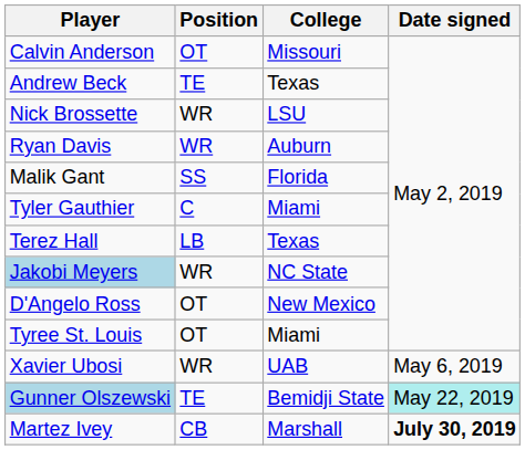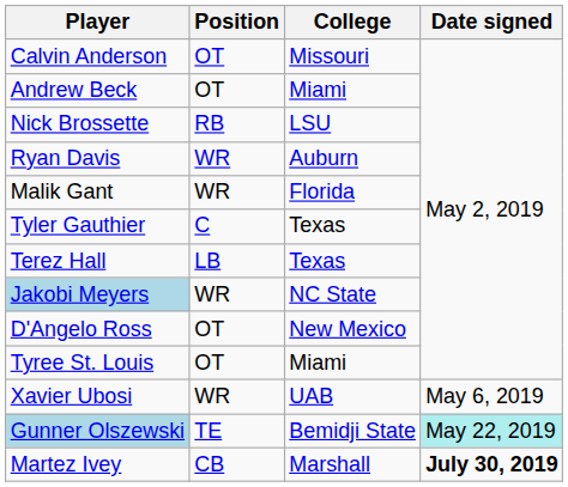 <table class="wikitable">
 <tr>
 <th>Player</th>
 <th>Position</th>
 <th>College</th>
 <th>Date signed</th>
 </tr>
 <tr>
 <td><a href='#'>Calvin Anderson</a></td>
 <td><a href='#'>OT</a></td>
 <td><a href='#'>Missouri</a></td>
 <td rowspan="10">May 2, 2019</td>
 </tr>
 <tr>
 <td><a href='#'>Andrew Beck</a></td>
-<td><a href='#'>TE</a></td>
-<td>Texas</td>
+<td>OT</td>
+<td><a href='#'>Miami</a></td>
 </tr>
 <tr>
 <td><a href='#'>Nick Brossette</a></td>
-<td>WR</td>
+<td><a href='#'>RB</a></td>
 <td><a href='#'>LSU</a></td>
 </tr>
 <tr>
 <td><a href='#'>Ryan Davis</a></td>
 <td><a href='#'>WR</a></td>
 <td><a href='#'>Auburn</a></td>
 </tr>
 <tr>
 <td>Malik Gant</td>
-<td><a href='#'>SS</a></td>
+<td>WR</td>
 <td><a href='#'>Florida</a></td>
 </tr>
 <tr>
 <td><a href='#'>Tyler Gauthier</a></td>
 <td><a href='#'>C</a></td>
-<td><a href='#'>Miami</a></td>
+<td>Texas</td>
 </tr>
 <tr>
 <td><a href='#'>Terez Hall</a></td>
 <td><a href='#'>LB</a></td>
 <td><a href='#'>Texas</a></td>
 </tr>
 <tr>
 <td style="background:#ADD8E6"><a href='#'>Jakobi Meyers</a></td>
 <td>WR</td>
 <td><a href='#'>NC State</a></td>
 </tr>
 <tr>
 <td><a href='#'>D'Angelo Ross</a></td>
 <td>OT</td>
 <td><a href='#'>New Mexico</a></td>
 </tr>
 <tr>
 <td><a href='#'>Tyree St. Louis</a></td>
 <td>OT</td>
 <td>Miami</td>
 </tr>
 <tr>
 <td><a href='#'>Xavier Ubosi</a></td>
 <td>WR</td>
 <td><a href='#'>UAB</a></td>
 <td>May 6, 2019</td>
 </tr>
 <tr>
 <td style="background:#ADD8E6"><a href='#'>Gunner Olszewski</a></td>
 <td><a href='#'>TE</a></td>
 <td><a href='#'>Bemidji State</a></td>
 <td style="background: paleturquoise;">May 22, 2019</td>
 </tr>
 <tr>
 <td><a href='#'>Martez Ivey</a></td>
 <td><a href='#'>CB</a></td>
 <td><a href='#'>Marshall</a></td>
 <td><strong>July 30, 2019</strong></td>
 </tr>
 </table>
